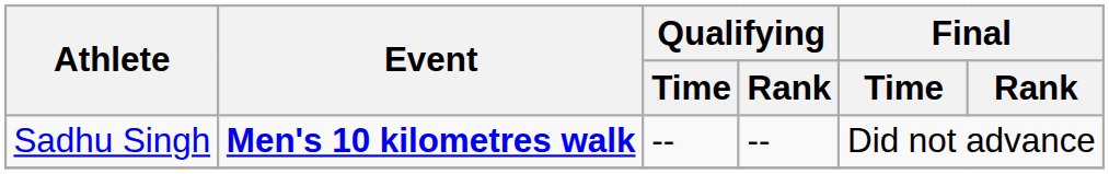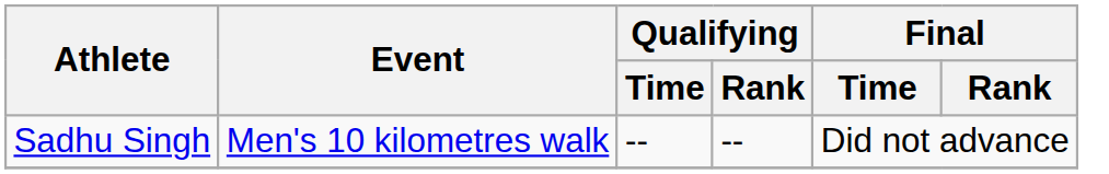 <table class="wikitable"  style="font-size:90%">
 <tr>
 <th rowspan="2">Athlete</th>
 <th rowspan="2">Event</th>
 <th colspan="2">Qualifying</th>
 <th colspan="2">Final</th>
 </tr>
 <tr>
 <th>Time</th>
 <th>Rank</th>
 <th>Time</th>
 <th>Rank</th>
 </tr>
 <tr>
 <td><a href='#'>Sadhu Singh</a></td>
-<td><strong><a href='#'>Men's 10 kilometres walk</a></strong></td>
+<td><a href='#'>Men's 10 kilometres walk</a></td>
 <td>--</td>
 <td>--</td>
 <td align=center colspan="2">Did not advance</td>
 </tr>
 <tr>
 </tr>
 </table>
